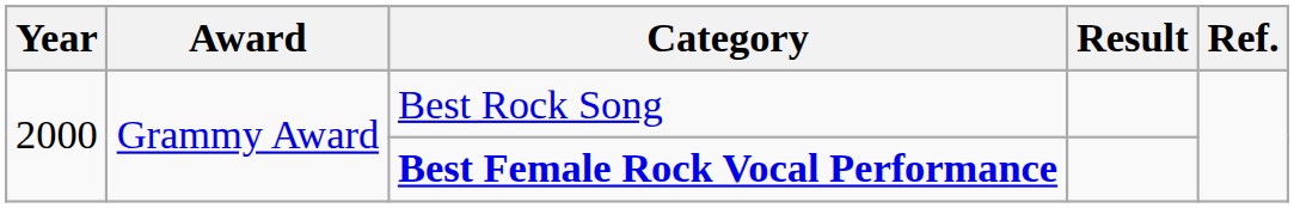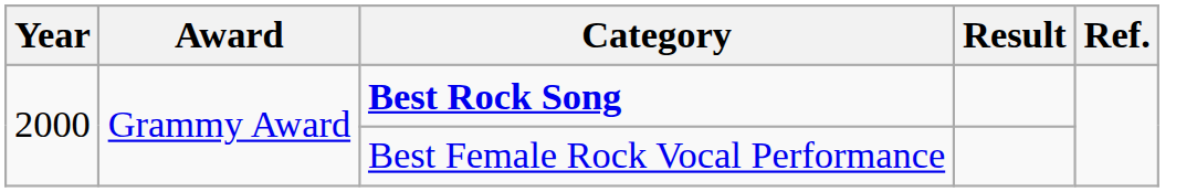 <table class="wikitable">
 <tr>
 <th>Year</th>
 <th>Award</th>
 <th>Category</th>
 <th>Result</th>
 <th>Ref.</th>
 </tr>
 <tr>
 <td rowspan="2">2000</td>
 <td rowspan="2"><a href='#'>Grammy Award</a></td>
-<td><a href='#'>Best Rock Song</a></td>
+<td><strong><a href='#'>Best Rock Song</a></strong></td>
 <td></td>
 <td rowspan="2" align="center"></td>
 </tr>
 <tr>
-<td><strong><a href='#'>Best Female Rock Vocal Performance</a></strong></td>
+<td><a href='#'>Best Female Rock Vocal Performance</a></td>
 <td></td>
 </tr>
 </table>
